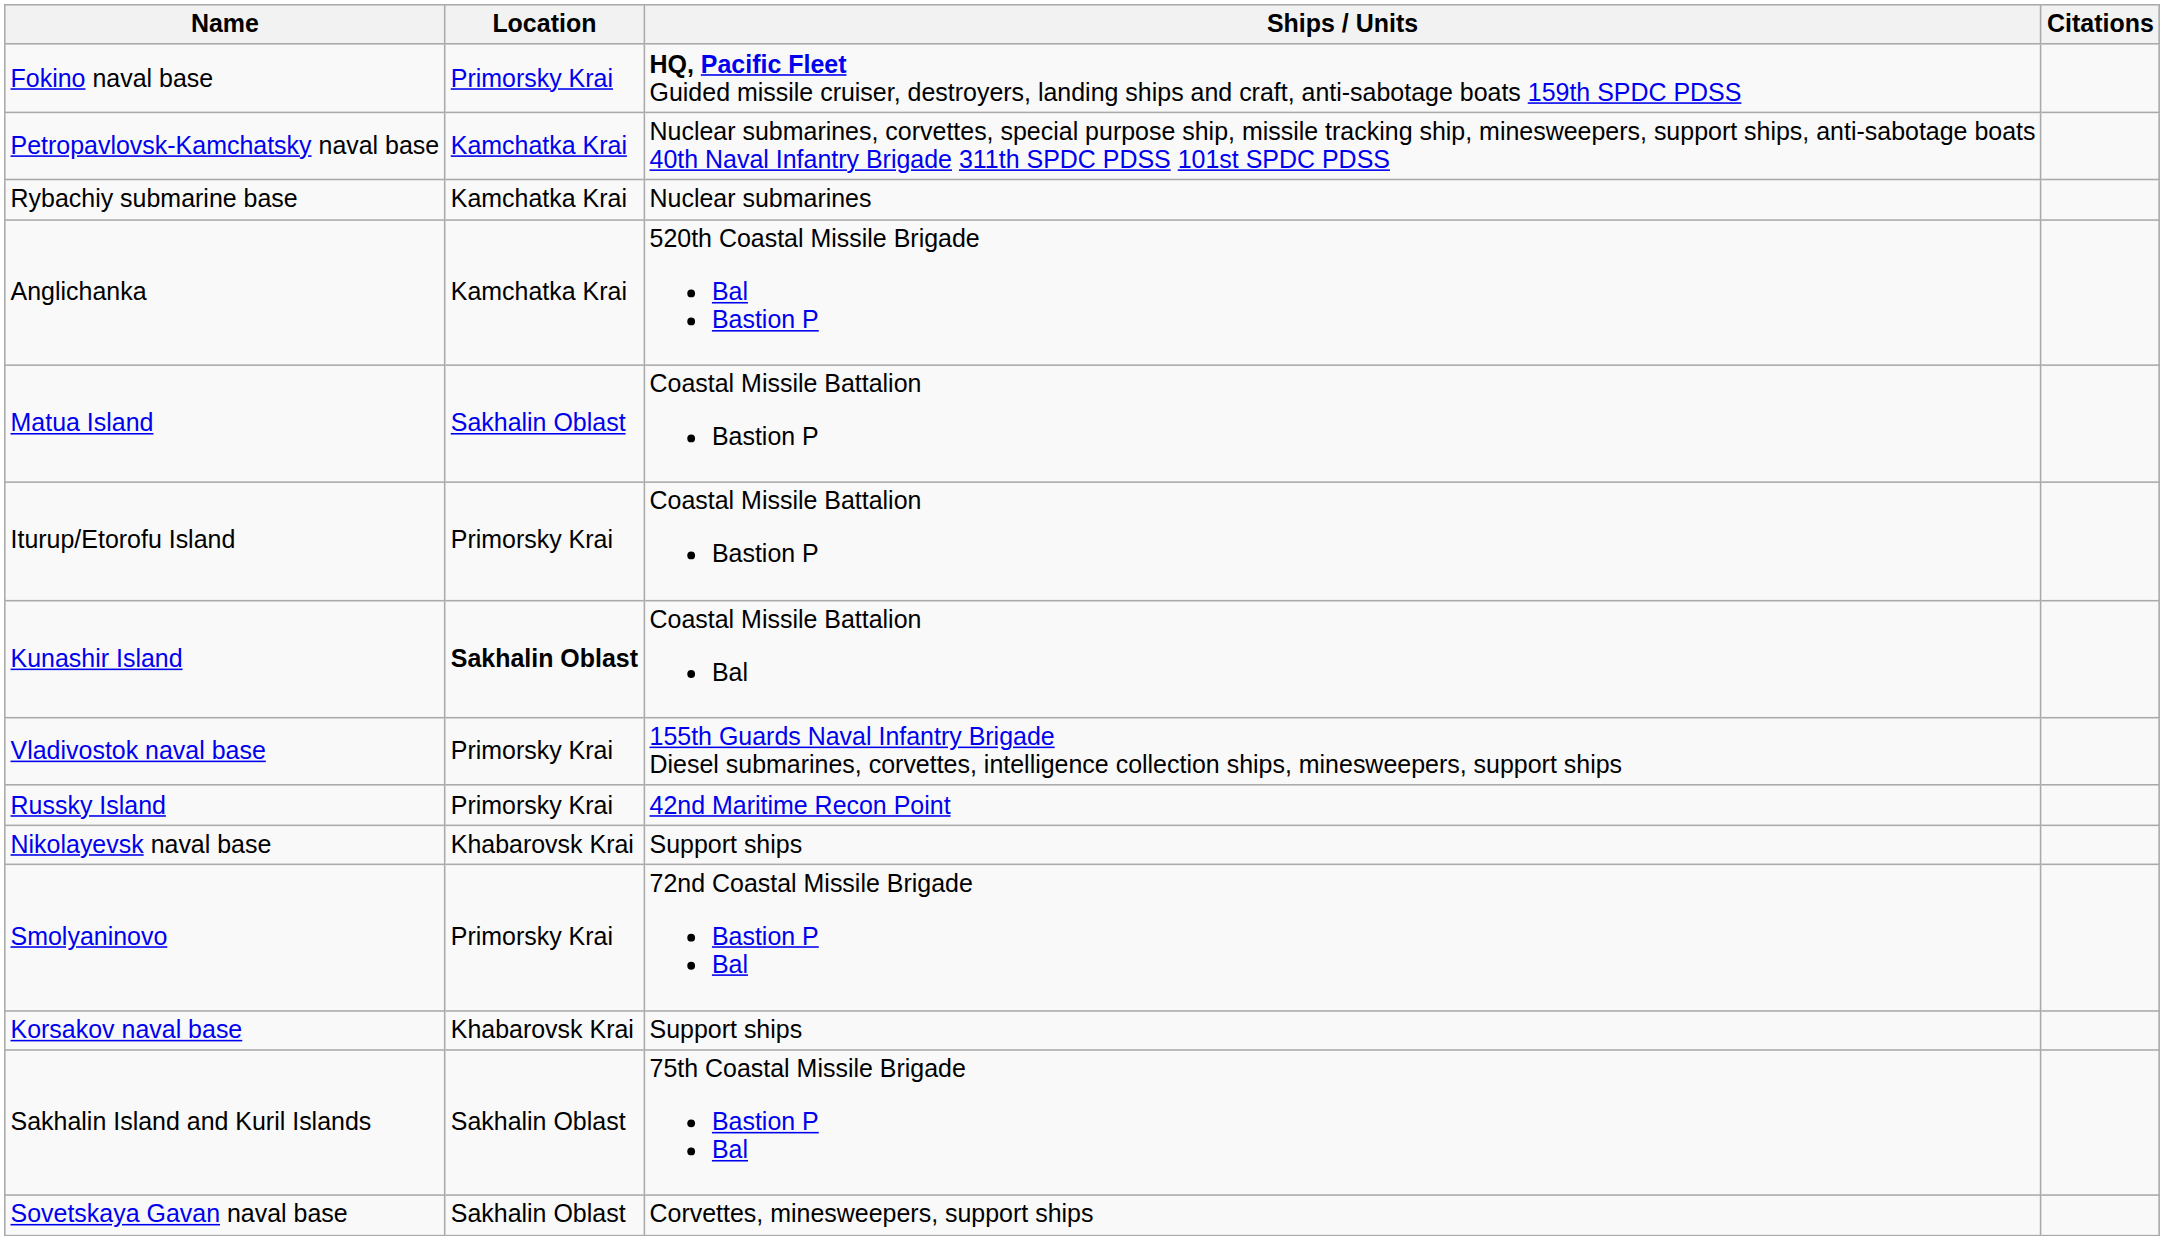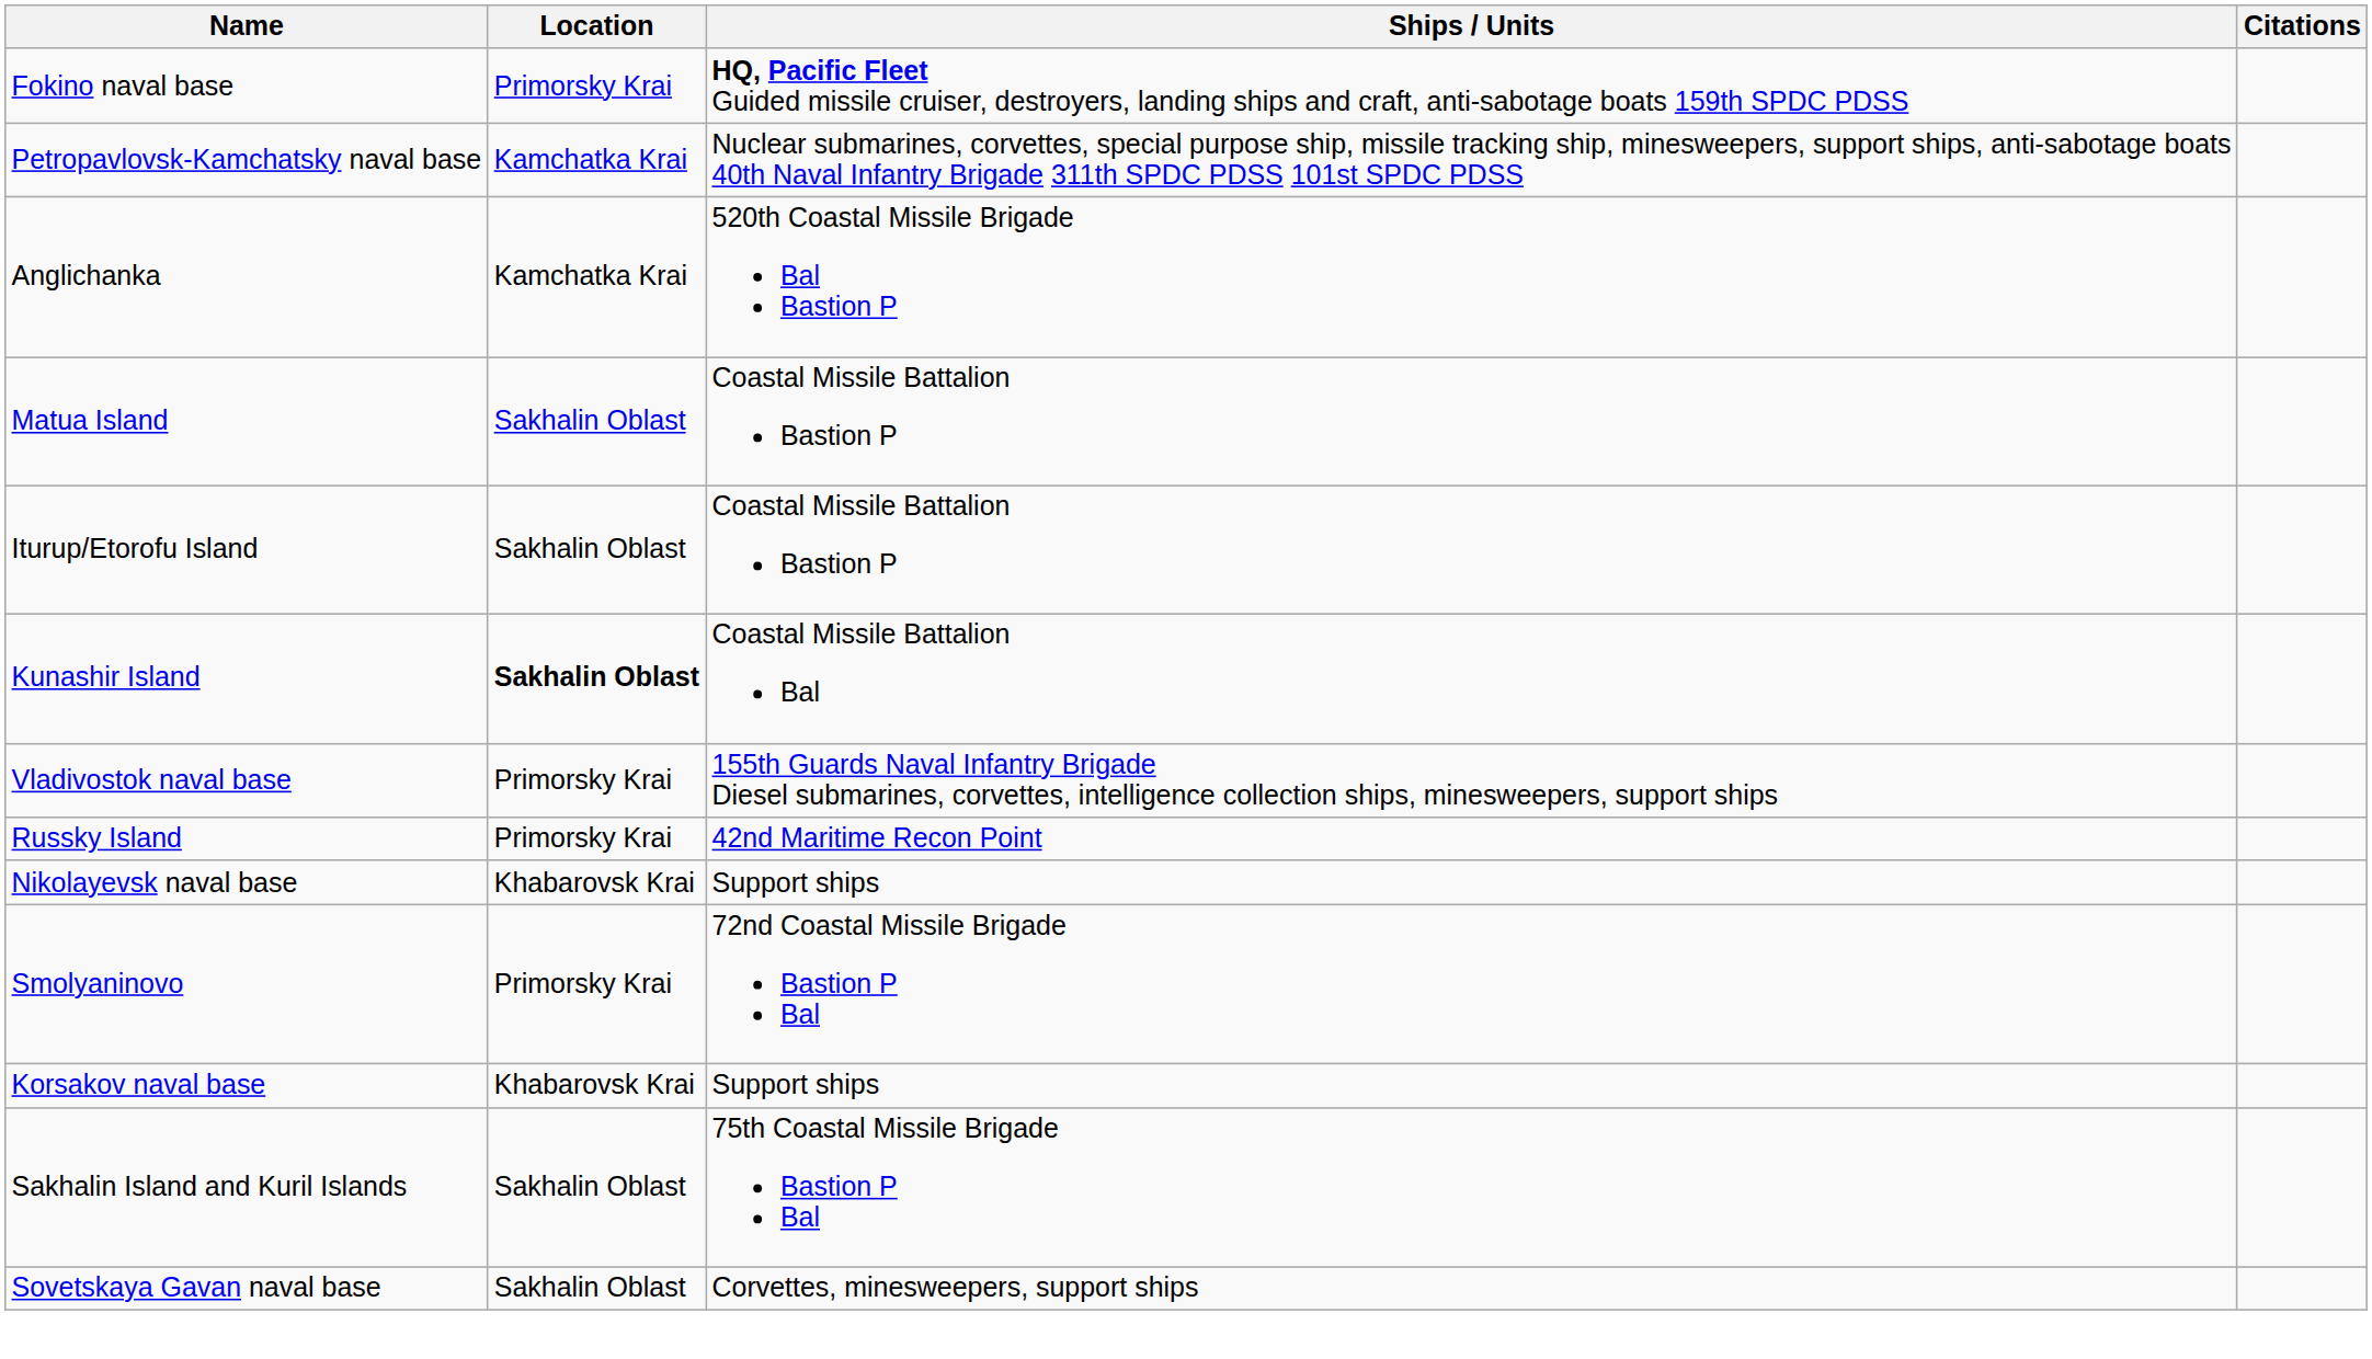 <table class="wikitable sortable">
 <tr>
 <th>Name</th>
 <th>Location</th>
 <th>Ships / Units</th>
 <th>Citations</th>
 </tr>
 <tr>
 <td><a href='#'>Fokino</a> naval base</td>
 <td><a href='#'>Primorsky Krai</a></td>
 <td><strong>HQ, <a href='#'>Pacific Fleet</a></strong><br>Guided missile cruiser, destroyers, landing ships and craft, anti-sabotage boats <a href='#'>159th SPDC PDSS</a></td>
 <td></td>
 </tr>
 <tr>
 <td><a href='#'>Petropavlovsk-Kamchatsky</a> naval base</td>
 <td><a href='#'>Kamchatka Krai</a></td>
 <td>Nuclear submarines, corvettes, special purpose ship, missile tracking ship, minesweepers, support ships, anti-sabotage boats<br><a href='#'>40th Naval Infantry Brigade</a> <a href='#'>311th SPDC PDSS</a> <a href='#'>101st SPDC PDSS</a></td>
 <td></td>
 </tr>
 <tr>
-<td>Rybachiy submarine base</td>
-<td>Kamchatka Krai</td>
-<td>Nuclear submarines</td>
-<td></td>
-</tr>
-<tr>
 <td>Anglichanka</td>
 <td>Kamchatka Krai</td>
 <td>520th Coastal Missile Brigade<br><ul><li><a href='#'>Bal</a></li><li><a href='#'>Bastion P</a></li></ul></td>
 <td></td>
 </tr>
 <tr>
 <td><a href='#'>Matua Island</a></td>
 <td><a href='#'>Sakhalin Oblast</a></td>
 <td>Coastal Missile Battalion<br><ul><li>Bastion P</li></ul></td>
 <td></td>
 </tr>
 <tr>
 <td>Iturup/Etorofu Island</td>
-<td>Primorsky Krai</td>
+<td>Sakhalin Oblast</td>
 <td>Coastal Missile Battalion<br><ul><li>Bastion P</li></ul></td>
 <td></td>
 </tr>
 <tr>
 <td><a href='#'>Kunashir Island</a></td>
 <td><strong>Sakhalin Oblast</strong></td>
 <td>Coastal Missile Battalion<br><ul><li>Bal</li></ul></td>
 <td></td>
 </tr>
 <tr>
 <td><a href='#'>Vladivostok naval base</a></td>
 <td>Primorsky Krai</td>
 <td><a href='#'>155th Guards Naval Infantry Brigade</a><br>Diesel submarines, corvettes, intelligence collection ships, minesweepers, support ships</td>
 <td></td>
 </tr>
 <tr>
 <td><a href='#'>Russky Island</a></td>
 <td>Primorsky Krai</td>
 <td><a href='#'>42nd Maritime Recon Point</a></td>
 <td></td>
 </tr>
 <tr>
 <td><a href='#'>Nikolayevsk</a> naval base</td>
 <td>Khabarovsk Krai</td>
 <td>Support ships</td>
 <td></td>
 </tr>
 <tr>
 <td><a href='#'>Smolyaninovo</a></td>
 <td>Primorsky Krai</td>
 <td>72nd Coastal Missile Brigade<br><ul><li><a href='#'>Bastion P</a></li><li><a href='#'>Bal</a></li></ul></td>
 <td></td>
 </tr>
 <tr>
 <td><a href='#'>Korsakov naval base</a></td>
 <td>Khabarovsk Krai</td>
 <td>Support ships</td>
 <td></td>
 </tr>
 <tr>
 <td>Sakhalin Island and Kuril Islands</td>
 <td>Sakhalin Oblast</td>
 <td>75th Coastal Missile Brigade<br><ul><li><a href='#'>Bastion P</a></li><li><a href='#'>Bal</a></li></ul></td>
 <td></td>
 </tr>
 <tr>
 <td><a href='#'>Sovetskaya Gavan</a> naval base</td>
 <td>Sakhalin Oblast</td>
 <td>Corvettes, minesweepers, support ships</td>
 <td></td>
 </tr>
 </table>
